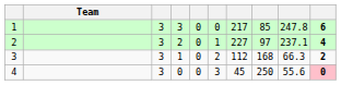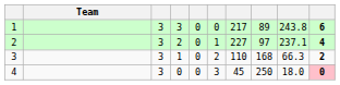 <table class=wikitable style="text-align:center">
 <tr>
 <th width=20 abbr=Position></th>
 <th width=175>Team</th>
 <th width=20 abbr=Played></th>
 <th width=20 abbr=Won></th>
 <th width=20 abbr=Drawn></th>
 <th width=20 abbr=Lost></th>
 <th width=30 abbr=Goal For></th>
 <th width=30 abbr=Goal Against></th>
 <th width=30 abbr=Percentage></th>
 <th width=30 abbr=Points></th>
 </tr>
 <tr bgcolor=#CCFFCC>
 <td>1</td>
 <td align=left></td>
 <td>3</td>
 <td>3</td>
 <td>0</td>
 <td>0</td>
 <td>217</td>
-<td>85</td>
-<td>247.8</td>
+<td>89</td>
+<td>243.8</td>
 <td><strong>6</strong></td>
 </tr>
 <tr bgcolor=#CCFFCC>
 <td>2</td>
 <td align=left></td>
 <td>3</td>
 <td>2</td>
 <td>0</td>
 <td>1</td>
 <td>227</td>
 <td>97</td>
 <td>237.1</td>
 <td><strong>4</strong></td>
 </tr>
 <tr>
 <td>3</td>
 <td align=left></td>
 <td>3</td>
 <td>1</td>
 <td>0</td>
 <td>2</td>
-<td>112</td>
+<td>110</td>
 <td>168</td>
 <td>66.3</td>
 <td><strong>2</strong></td>
 </tr>
 <tr>
 <td>4</td>
 <td align=left></td>
 <td>3</td>
 <td>0</td>
 <td>0</td>
 <td>3</td>
 <td>45</td>
 <td>250</td>
-<td>55.6</td>
+<td>18.0</td>
 <td style="background: pink;"><strong>0</strong></td>
 </tr>
 </table>
